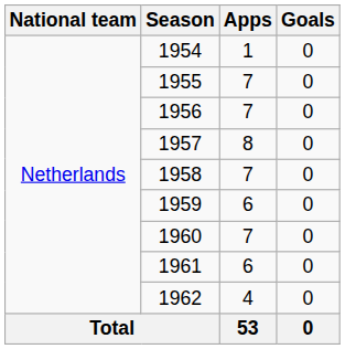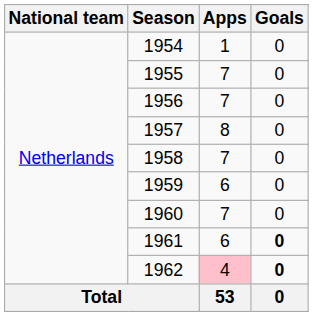 <table class="wikitable" style="text-align:center">
 <tr>
 <th>National team</th>
 <th>Season</th>
 <th>Apps</th>
 <th>Goals</th>
 </tr>
 <tr>
 <td rowspan="9"><a href='#'>Netherlands</a></td>
 <td>1954</td>
 <td>1</td>
 <td>0</td>
 </tr>
 <tr>
 <td>1955</td>
 <td>7</td>
 <td>0</td>
 </tr>
 <tr>
 <td>1956</td>
 <td>7</td>
 <td>0</td>
 </tr>
 <tr>
 <td>1957</td>
 <td>8</td>
 <td>0</td>
 </tr>
 <tr>
 <td>1958</td>
 <td>7</td>
 <td>0</td>
 </tr>
 <tr>
 <td>1959</td>
 <td>6</td>
 <td>0</td>
 </tr>
 <tr>
 <td>1960</td>
 <td>7</td>
 <td>0</td>
 </tr>
 <tr>
 <td>1961</td>
 <td>6</td>
-<td>0</td>
+<td><strong>0</strong></td>
 </tr>
 <tr>
 <td>1962</td>
-<td>4</td>
-<td>0</td>
+<td style="background: pink;">4</td>
+<td><strong>0</strong></td>
 </tr>
 <tr>
 <th colspan=2>Total</th>
 <th>53</th>
 <th>0</th>
 </tr>
 </table>
